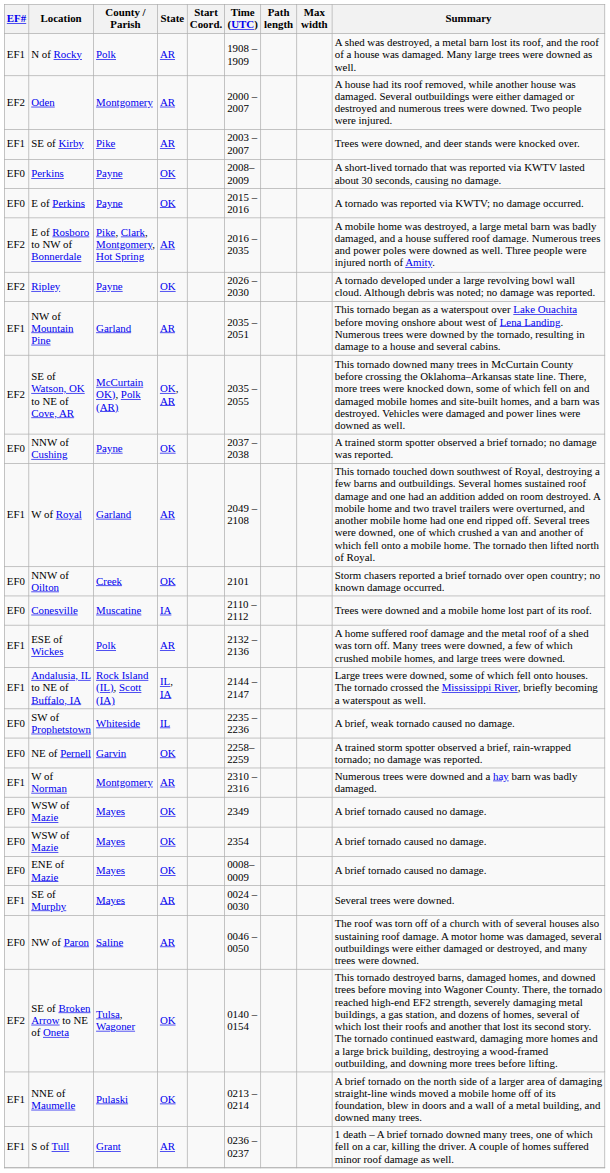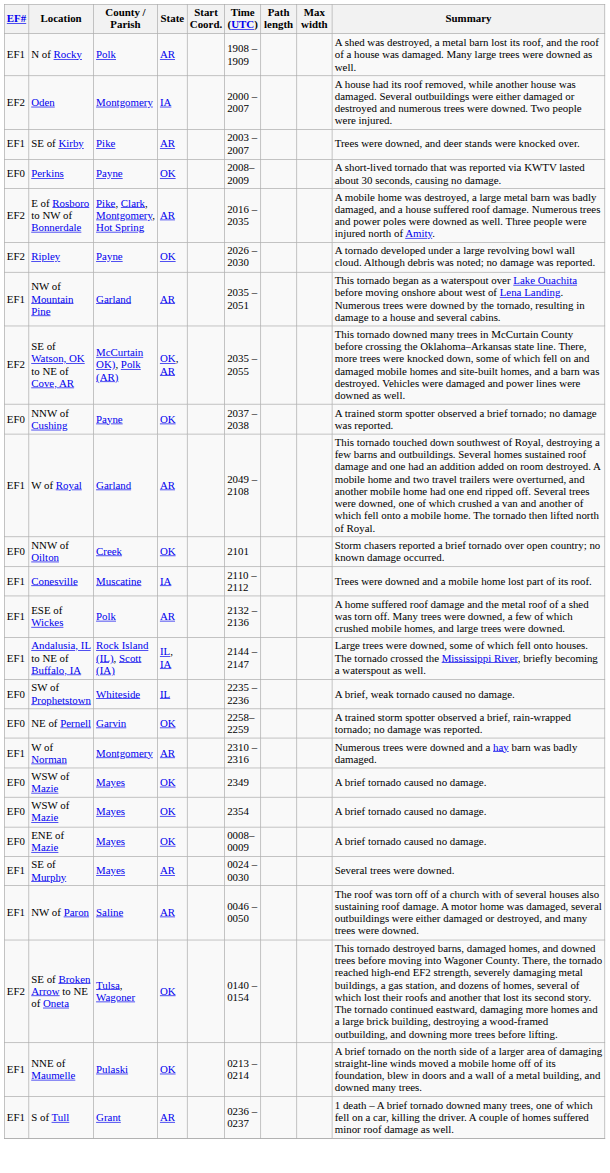 <table class="wikitable sortable" style="width:100%;">
 <tr>
 <th scope="col" width="3%" align="center"><a href='#'>EF#</a></th>
 <th scope="col" width="7%" align="center" class="unsortable">Location</th>
 <th scope="col" width="6%" align="center" class="unsortable">County / Parish</th>
 <th scope="col" width="5%" align="center">State</th>
 <th scope="col" width="6%" align="center">Start Coord.</th>
 <th scope="col" width="6%" align="center">Time (<a href='#'>UTC</a>)</th>
 <th scope="col" width="6%" align="center">Path length</th>
 <th scope="col" width="6%" align="center">Max width</th>
 <th scope="col" width="48%" class="unsortable" align="center">Summary</th>
 </tr>
 <tr>
 <td>EF1</td>
 <td>N of <a href='#'>Rocky</a></td>
 <td><a href='#'>Polk</a></td>
 <td><a href='#'>AR</a></td>
 <td></td>
 <td>1908 – 1909</td>
 <td></td>
 <td></td>
 <td>A shed was destroyed, a metal barn lost its roof, and the roof of a house was damaged. Many large trees were downed as well.</td>
 </tr>
 <tr>
 <td>EF2</td>
 <td><a href='#'>Oden</a></td>
 <td><a href='#'>Montgomery</a></td>
-<td><a href='#'>AR</a></td>
+<td><a href='#'>IA</a></td>
 <td></td>
 <td>2000 – 2007</td>
 <td></td>
 <td></td>
 <td>A house had its roof removed, while another house was damaged. Several outbuildings were either damaged or destroyed and numerous trees were downed. Two people were injured.</td>
 </tr>
 <tr>
 <td>EF1</td>
 <td>SE of <a href='#'>Kirby</a></td>
 <td><a href='#'>Pike</a></td>
 <td><a href='#'>AR</a></td>
 <td></td>
 <td>2003 – 2007</td>
 <td></td>
 <td></td>
 <td>Trees were downed, and deer stands were knocked over.</td>
 </tr>
 <tr>
 <td>EF0</td>
 <td><a href='#'>Perkins</a></td>
 <td><a href='#'>Payne</a></td>
 <td><a href='#'>OK</a></td>
 <td></td>
 <td>2008–2009</td>
 <td></td>
 <td></td>
 <td>A short-lived tornado that was reported via KWTV lasted about 30 seconds, causing no damage.</td>
-</tr>
-<tr>
-<td>EF0</td>
-<td>E of <a href='#'>Perkins</a></td>
-<td><a href='#'>Payne</a></td>
-<td><a href='#'>OK</a></td>
-<td></td>
-<td>2015 – 2016</td>
-<td></td>
-<td></td>
-<td>A tornado was reported via KWTV; no damage occurred.</td>
 </tr>
 <tr>
 <td>EF2</td>
 <td>E of <a href='#'>Rosboro</a> to NW of <a href='#'>Bonnerdale</a></td>
 <td><a href='#'>Pike</a>, <a href='#'>Clark</a>, <a href='#'>Montgomery</a>, <a href='#'>Hot Spring</a></td>
 <td><a href='#'>AR</a></td>
 <td></td>
 <td>2016 – 2035</td>
 <td></td>
 <td></td>
 <td>A mobile home was destroyed, a large metal barn was badly damaged, and a house suffered roof damage. Numerous trees and power poles were downed as well. Three people were injured north of <a href='#'>Amity</a>.</td>
 </tr>
 <tr>
 <td>EF2</td>
 <td><a href='#'>Ripley</a></td>
 <td><a href='#'>Payne</a></td>
 <td><a href='#'>OK</a></td>
 <td></td>
 <td>2026 – 2030</td>
 <td></td>
 <td></td>
 <td>A tornado developed under a large revolving bowl wall cloud. Although debris was noted; no damage was reported.</td>
 </tr>
 <tr>
 <td>EF1</td>
 <td>NW of <a href='#'>Mountain Pine</a></td>
 <td><a href='#'>Garland</a></td>
 <td><a href='#'>AR</a></td>
 <td></td>
 <td>2035 – 2051</td>
 <td></td>
 <td></td>
 <td>This tornado began as a waterspout over <a href='#'>Lake Ouachita</a> before moving onshore about  west of <a href='#'>Lena Landing</a>. Numerous trees were downed by the tornado, resulting in damage to a house and several cabins.</td>
 </tr>
 <tr>
 <td>EF2</td>
 <td>SE of <a href='#'>Watson, OK</a> to NE of <a href='#'>Cove, AR</a></td>
 <td><a href='#'>McCurtain OK)</a>, <a href='#'>Polk (AR)</a></td>
 <td><a href='#'>OK</a>, <a href='#'>AR</a></td>
 <td></td>
 <td>2035 – 2055</td>
 <td></td>
 <td></td>
 <td>This tornado downed many trees in McCurtain County before crossing the Oklahoma–Arkansas state line. There, more trees were knocked down, some of which fell on and damaged mobile homes and site-built homes, and a barn was destroyed. Vehicles were damaged and power lines were downed as well.</td>
 </tr>
 <tr>
 <td>EF0</td>
 <td>NNW of <a href='#'>Cushing</a></td>
 <td><a href='#'>Payne</a></td>
 <td><a href='#'>OK</a></td>
 <td></td>
 <td>2037 – 2038</td>
 <td></td>
 <td></td>
 <td>A trained storm spotter observed a brief tornado; no damage was reported.</td>
 </tr>
 <tr>
 <td>EF1</td>
 <td>W of <a href='#'>Royal</a></td>
 <td><a href='#'>Garland</a></td>
 <td><a href='#'>AR</a></td>
 <td></td>
 <td>2049 – 2108</td>
 <td></td>
 <td></td>
 <td>This tornado touched down southwest of Royal, destroying a few barns and outbuildings. Several homes sustained roof damage and one had an addition added on room destroyed. A mobile home and two travel trailers were overturned, and another mobile home had one end ripped off. Several trees were downed, one of which crushed a van and another of which fell onto a mobile home. The tornado then lifted north of Royal.</td>
 </tr>
 <tr>
 <td>EF0</td>
 <td>NNW of <a href='#'>Oilton</a></td>
 <td><a href='#'>Creek</a></td>
 <td><a href='#'>OK</a></td>
 <td></td>
 <td>2101</td>
 <td></td>
 <td></td>
 <td>Storm chasers reported a brief tornado over open country; no known damage occurred.</td>
 </tr>
 <tr>
-<td>EF0</td>
+<td>EF1</td>
 <td><a href='#'>Conesville</a></td>
 <td><a href='#'>Muscatine</a></td>
 <td><a href='#'>IA</a></td>
 <td></td>
 <td>2110 – 2112</td>
 <td></td>
 <td></td>
 <td>Trees were downed and a mobile home lost part of its roof.</td>
 </tr>
 <tr>
 <td>EF1</td>
 <td>ESE of <a href='#'>Wickes</a></td>
 <td><a href='#'>Polk</a></td>
 <td><a href='#'>AR</a></td>
 <td></td>
 <td>2132 – 2136</td>
 <td></td>
 <td></td>
 <td>A home suffered roof damage and the metal roof of a shed was torn off. Many trees were downed, a few of which crushed mobile homes, and large trees were downed.</td>
 </tr>
 <tr>
 <td>EF1</td>
 <td><a href='#'>Andalusia, IL</a> to NE of <a href='#'>Buffalo, IA</a></td>
 <td><a href='#'>Rock Island (IL)</a>, <a href='#'>Scott (IA)</a></td>
 <td><a href='#'>IL</a>, <a href='#'>IA</a></td>
 <td></td>
 <td>2144 – 2147</td>
 <td></td>
 <td></td>
 <td>Large trees were downed, some of which fell onto houses. The tornado crossed the <a href='#'>Mississippi River</a>, briefly becoming a waterspout as well.</td>
 </tr>
 <tr>
 <td>EF0</td>
 <td>SW of <a href='#'>Prophetstown</a></td>
 <td><a href='#'>Whiteside</a></td>
 <td><a href='#'>IL</a></td>
 <td></td>
 <td>2235 – 2236</td>
 <td></td>
 <td></td>
 <td>A brief, weak tornado caused no damage.</td>
 </tr>
 <tr>
 <td>EF0</td>
 <td>NE of <a href='#'>Pernell</a></td>
 <td><a href='#'>Garvin</a></td>
 <td><a href='#'>OK</a></td>
 <td></td>
 <td>2258–2259</td>
 <td></td>
 <td></td>
 <td>A trained storm spotter observed a brief, rain-wrapped tornado; no damage was reported.</td>
 </tr>
 <tr>
 <td>EF1</td>
 <td>W of <a href='#'>Norman</a></td>
 <td><a href='#'>Montgomery</a></td>
 <td><a href='#'>AR</a></td>
 <td></td>
 <td>2310 – 2316</td>
 <td></td>
 <td></td>
 <td>Numerous trees were downed and a <a href='#'>hay</a> barn was badly damaged.</td>
 </tr>
 <tr>
 <td>EF0</td>
 <td>WSW of <a href='#'>Mazie</a></td>
 <td><a href='#'>Mayes</a></td>
 <td><a href='#'>OK</a></td>
 <td></td>
 <td>2349</td>
 <td></td>
 <td></td>
 <td>A brief tornado caused no damage.</td>
 </tr>
 <tr>
 <td>EF0</td>
 <td>WSW of <a href='#'>Mazie</a></td>
 <td><a href='#'>Mayes</a></td>
 <td><a href='#'>OK</a></td>
 <td></td>
 <td>2354</td>
 <td></td>
 <td></td>
 <td>A brief tornado caused no damage.</td>
 </tr>
 <tr>
 <td>EF0</td>
 <td>ENE of <a href='#'>Mazie</a></td>
 <td><a href='#'>Mayes</a></td>
 <td><a href='#'>OK</a></td>
 <td></td>
 <td>0008–0009</td>
 <td></td>
 <td></td>
 <td>A brief tornado caused no damage.</td>
 </tr>
 <tr>
 <td>EF1</td>
 <td>SE of <a href='#'>Murphy</a></td>
 <td><a href='#'>Mayes</a></td>
 <td><a href='#'>AR</a></td>
 <td></td>
 <td>0024 – 0030</td>
 <td></td>
 <td></td>
 <td>Several trees were downed.</td>
 </tr>
 <tr>
-<td>EF0</td>
+<td>EF1</td>
 <td>NW of <a href='#'>Paron</a></td>
 <td><a href='#'>Saline</a></td>
 <td><a href='#'>AR</a></td>
 <td></td>
 <td>0046 – 0050</td>
 <td></td>
 <td></td>
 <td>The roof was torn off of a church with of several houses also sustaining roof damage. A motor home was damaged, several outbuildings were either damaged or destroyed, and many trees were downed.</td>
 </tr>
 <tr>
 <td>EF2</td>
 <td>SE of <a href='#'>Broken Arrow</a> to NE of <a href='#'>Oneta</a></td>
 <td><a href='#'>Tulsa</a>, <a href='#'>Wagoner</a></td>
 <td><a href='#'>OK</a></td>
 <td></td>
 <td>0140 – 0154</td>
 <td></td>
 <td></td>
 <td>This tornado destroyed barns, damaged homes, and downed trees before moving into Wagoner County. There, the tornado reached high-end EF2 strength, severely damaging metal buildings, a gas station, and dozens of homes, several of which lost their roofs and another that lost its second story. The tornado continued eastward, damaging more homes and a large brick building, destroying a wood-framed outbuilding, and downing more trees before lifting.</td>
 </tr>
 <tr>
 <td>EF1</td>
 <td>NNE of <a href='#'>Maumelle</a></td>
 <td><a href='#'>Pulaski</a></td>
 <td><a href='#'>OK</a></td>
 <td></td>
 <td>0213 – 0214</td>
 <td></td>
 <td></td>
 <td>A brief tornado on the north side of a larger area of damaging straight-line winds moved a mobile home off of its foundation, blew in doors and a wall of a metal building, and downed many trees.</td>
 </tr>
 <tr>
 <td>EF1</td>
 <td>S of <a href='#'>Tull</a></td>
 <td><a href='#'>Grant</a></td>
 <td><a href='#'>AR</a></td>
 <td></td>
 <td>0236 – 0237</td>
 <td></td>
 <td></td>
 <td>1 death – A brief tornado downed many trees, one of which fell on a car, killing the driver. A couple of homes suffered minor roof damage as well.</td>
 </tr>
 <tr>
 </tr>
 </table>
